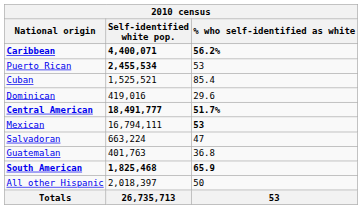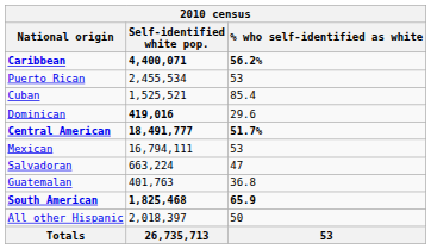 <table class="wikitable sortable">
 <tr>
 <th colspan=6>2010 census</th>
 </tr>
 <tr>
 <th>National origin</th>
 <th>Self-identified <br>white pop.</th>
 <th>% who self-identified as white</th>
 </tr>
 <tr>
 <td align=left><strong><a href='#'>Caribbean</a></strong></td>
 <td><strong>4,400,071</strong></td>
 <td><strong>56.2%</strong></td>
 </tr>
 <tr>
 <td><a href='#'>Puerto Rican</a></td>
-<td><strong>2,455,534</strong></td>
+<td>2,455,534</td>
 <td>53</td>
 </tr>
 <tr>
 <td><a href='#'>Cuban</a></td>
 <td>1,525,521</td>
 <td>85.4</td>
 </tr>
 <tr>
 <td><a href='#'>Dominican</a></td>
-<td>419,016</td>
+<td><strong>419,016</strong></td>
 <td>29.6</td>
 </tr>
 <tr>
 <td align=left><strong><a href='#'>Central American</a></strong></td>
 <td><strong>18,491,777</strong></td>
 <td><strong>51.7%</strong></td>
 </tr>
 <tr>
 <td><a href='#'>Mexican</a></td>
 <td>16,794,111</td>
-<td><strong>53</strong></td>
+<td>53</td>
 </tr>
 <tr>
 <td><a href='#'>Salvadoran</a></td>
 <td>663,224</td>
 <td>47</td>
 </tr>
 <tr>
 <td><a href='#'>Guatemalan</a></td>
 <td>401,763</td>
 <td>36.8</td>
 </tr>
 <tr>
 <td><strong><a href='#'>South American</a> </strong></td>
 <td><strong> 1,825,468 </strong></td>
 <td><strong>65.9</strong></td>
 </tr>
 <tr>
 <td><a href='#'>All other Hispanic</a></td>
 <td>2,018,397</td>
 <td>50</td>
 </tr>
 <tr>
 <th>Totals</th>
 <th>26,735,713</th>
 <th>53</th>
 </tr>
 </table>
